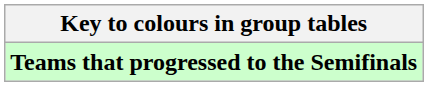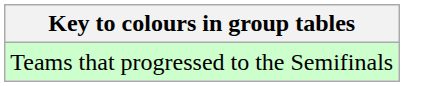 <table class="wikitable">
 <tr>
 <th>Key to colours in group tables</th>
 </tr>
 <tr bgcolor=#ccffcc>
-<td><strong>Teams that progressed to the Semifinals</strong></td>
+<td>Teams that progressed to the Semifinals</td>
 </tr>
 </table>
